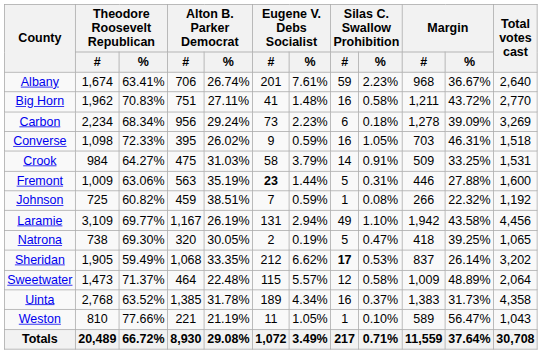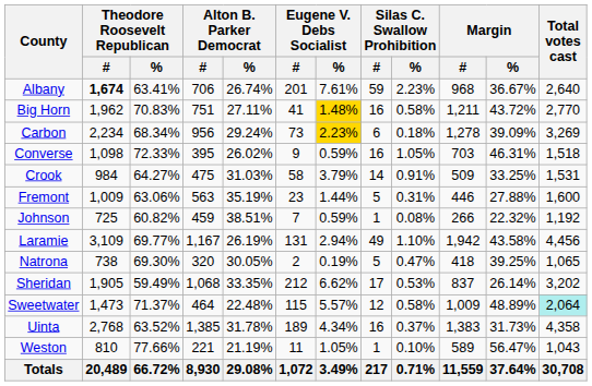 <table width="65%" class="wikitable sortable">
 <tr>
 <th style="text-align:center;" rowspan="2">County</th>
 <th style="text-align:center;" colspan="2">Theodore Roosevelt<br>Republican</th>
 <th style="text-align:center;" colspan="2">Alton B. Parker<br>Democrat</th>
 <th style="text-align:center;" colspan="2">Eugene V. Debs<br>Socialist</th>
 <th style="text-align:center;" colspan="2">Silas C. Swallow<br>Prohibition</th>
 <th style="text-align:center;" colspan="2">Margin</th>
 <th style="text-align:center;" rowspan="2">Total votes cast</th>
 </tr>
 <tr bgcolor="lightgrey">
 <th style="text-align:center;" data-sort-type="number">#</th>
 <th style="text-align:center;" data-sort-type="number">%</th>
 <th style="text-align:center;" data-sort-type="number">#</th>
 <th style="text-align:center;" data-sort-type="number">%</th>
 <th style="text-align:center;" data-sort-type="number">#</th>
 <th style="text-align:center;" data-sort-type="number">%</th>
 <th style="text-align:center;" data-sort-type="number">#</th>
 <th style="text-align:center;" data-sort-type="number">%</th>
 <th style="text-align:center;" data-sort-type="number">#</th>
 <th style="text-align:center;" data-sort-type="number">%</th>
 </tr>
 <tr style="text-align:center;">
 <td><a href='#'>Albany</a></td>
-<td>1,674</td>
+<td><strong>1,674</strong></td>
 <td>63.41%</td>
 <td>706</td>
 <td>26.74%</td>
 <td>201</td>
 <td>7.61%</td>
 <td>59</td>
 <td>2.23%</td>
 <td>968</td>
 <td>36.67%</td>
 <td>2,640</td>
 </tr>
 <tr style="text-align:center;">
 <td><a href='#'>Big Horn</a></td>
 <td>1,962</td>
 <td>70.83%</td>
 <td>751</td>
 <td>27.11%</td>
 <td>41</td>
-<td>1.48%</td>
+<td style="background: gold;">1.48%</td>
 <td>16</td>
 <td>0.58%</td>
 <td>1,211</td>
 <td>43.72%</td>
 <td>2,770</td>
 </tr>
 <tr style="text-align:center;">
 <td><a href='#'>Carbon</a></td>
 <td>2,234</td>
 <td>68.34%</td>
 <td>956</td>
 <td>29.24%</td>
 <td>73</td>
-<td>2.23%</td>
+<td style="background: gold;">2.23%</td>
 <td>6</td>
 <td>0.18%</td>
 <td>1,278</td>
 <td>39.09%</td>
 <td>3,269</td>
 </tr>
 <tr style="text-align:center;">
 <td><a href='#'>Converse</a></td>
 <td>1,098</td>
 <td>72.33%</td>
 <td>395</td>
 <td>26.02%</td>
 <td>9</td>
 <td>0.59%</td>
 <td>16</td>
 <td>1.05%</td>
 <td>703</td>
 <td>46.31%</td>
 <td>1,518</td>
 </tr>
 <tr style="text-align:center;">
 <td><a href='#'>Crook</a></td>
 <td>984</td>
 <td>64.27%</td>
 <td>475</td>
 <td>31.03%</td>
 <td>58</td>
 <td>3.79%</td>
 <td>14</td>
 <td>0.91%</td>
 <td>509</td>
 <td>33.25%</td>
 <td>1,531</td>
 </tr>
 <tr style="text-align:center;">
 <td><a href='#'>Fremont</a></td>
 <td>1,009</td>
 <td>63.06%</td>
 <td>563</td>
 <td>35.19%</td>
-<td><strong>23</strong></td>
+<td>23</td>
 <td>1.44%</td>
 <td>5</td>
 <td>0.31%</td>
 <td>446</td>
 <td>27.88%</td>
 <td>1,600</td>
 </tr>
 <tr style="text-align:center;">
 <td><a href='#'>Johnson</a></td>
 <td>725</td>
 <td>60.82%</td>
 <td>459</td>
 <td>38.51%</td>
 <td>7</td>
 <td>0.59%</td>
 <td>1</td>
 <td>0.08%</td>
 <td>266</td>
 <td>22.32%</td>
 <td>1,192</td>
 </tr>
 <tr style="text-align:center;">
 <td><a href='#'>Laramie</a></td>
 <td>3,109</td>
 <td>69.77%</td>
 <td>1,167</td>
 <td>26.19%</td>
 <td>131</td>
 <td>2.94%</td>
 <td>49</td>
 <td>1.10%</td>
 <td>1,942</td>
 <td>43.58%</td>
 <td>4,456</td>
 </tr>
 <tr style="text-align:center;">
 <td><a href='#'>Natrona</a></td>
 <td>738</td>
 <td>69.30%</td>
 <td>320</td>
 <td>30.05%</td>
 <td>2</td>
 <td>0.19%</td>
 <td>5</td>
 <td>0.47%</td>
 <td>418</td>
 <td>39.25%</td>
 <td>1,065</td>
 </tr>
 <tr style="text-align:center;">
 <td><a href='#'>Sheridan</a></td>
 <td>1,905</td>
 <td>59.49%</td>
 <td>1,068</td>
 <td>33.35%</td>
 <td>212</td>
 <td>6.62%</td>
-<td><strong>17</strong></td>
+<td>17</td>
 <td>0.53%</td>
 <td>837</td>
 <td>26.14%</td>
 <td>3,202</td>
 </tr>
 <tr style="text-align:center;">
 <td><a href='#'>Sweetwater</a></td>
 <td>1,473</td>
 <td>71.37%</td>
 <td>464</td>
 <td>22.48%</td>
 <td>115</td>
 <td>5.57%</td>
 <td>12</td>
 <td>0.58%</td>
 <td>1,009</td>
 <td>48.89%</td>
-<td>2,064</td>
+<td style="background: paleturquoise;">2,064</td>
 </tr>
 <tr style="text-align:center;">
 <td><a href='#'>Uinta</a></td>
 <td>2,768</td>
 <td>63.52%</td>
 <td>1,385</td>
 <td>31.78%</td>
 <td>189</td>
 <td>4.34%</td>
 <td>16</td>
 <td>0.37%</td>
 <td>1,383</td>
 <td>31.73%</td>
 <td>4,358</td>
 </tr>
 <tr style="text-align:center;">
 <td><a href='#'>Weston</a></td>
 <td>810</td>
 <td>77.66%</td>
 <td>221</td>
 <td>21.19%</td>
 <td>11</td>
 <td>1.05%</td>
 <td>1</td>
 <td>0.10%</td>
 <td>589</td>
 <td>56.47%</td>
 <td>1,043</td>
 </tr>
 <tr>
 <th>Totals</th>
 <th>20,489</th>
 <th>66.72%</th>
 <th>8,930</th>
 <th>29.08%</th>
 <th>1,072</th>
 <th>3.49%</th>
 <th>217</th>
 <th>0.71%</th>
 <th>11,559</th>
 <th>37.64%</th>
 <th>30,708</th>
 </tr>
 </table>
